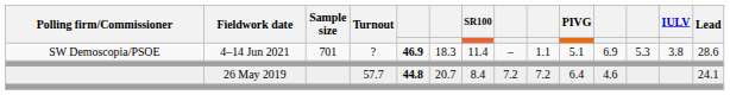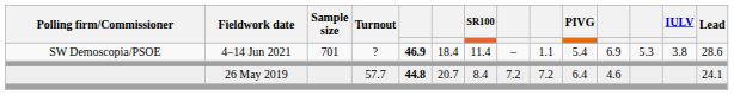 <table class="wikitable collapsible collapsed" style="text-align:center; font-size:95%; line-height:16px;">
 <tr style="height:42px;">
 <th style="width:250px;" rowspan="2">Polling firm/Commissioner</th>
 <th style="width:125px;" rowspan="2">Fieldwork date</th>
 <th style="width:50px;" rowspan="2">Sample size</th>
 <th style="width:45px;" rowspan="2">Turnout</th>
 <th style="width:35px;"></th>
 <th style="width:35px;"></th>
 <th style="width:35px; font-size:85%;">SR100</th>
 <th style="width:35px;"></th>
 <th style="width:35px;"></th>
 <th style="width:35px;">PIVG</th>
 <th style="width:35px;"></th>
 <th style="width:35px;"></th>
 <th style="width:35px;"><a href='#'>IULV</a></th>
 <th style="width:30px;" rowspan="2">Lead</th>
 </tr>
 <tr>
 <th style="color:inherit;background:"></th>
 <th style="color:inherit;background:"></th>
 <th style="color:inherit;background:#EA642F;"></th>
 <th style="color:inherit;background:"></th>
 <th style="color:inherit;background:"></th>
 <th style="color:inherit;background:#EC6A0A;"></th>
 <th style="color:inherit;background:"></th>
 <th style="color:inherit;background:"></th>
 <th style="color:inherit;background:"></th>
 </tr>
 <tr>
 <td>SW Demoscopia/PSOE</td>
 <td>4–14 Jun 2021</td>
 <td>701</td>
 <td>?</td>
 <td><strong>46.9</strong><br></td>
-<td>18.3<br></td>
+<td>18.4<br></td>
 <td>11.4<br></td>
 <td>–</td>
 <td>1.1<br></td>
-<td>5.1<br></td>
+<td>5.4<br></td>
 <td>6.9<br></td>
 <td>5.3<br></td>
 <td>3.8<br></td>
 <td style="background:">28.6</td>
 </tr>
 <tr>
 <td colspan="14" style="background:#A0A0A0"></td>
 </tr>
 <tr style="background:#EFEFEF;">
 <td><strong></strong></td>
 <td>26 May 2019</td>
 <td></td>
 <td>57.7</td>
 <td><strong>44.8</strong><br></td>
 <td>20.7<br></td>
 <td>8.4<br></td>
 <td>7.2<br></td>
 <td>7.2<br></td>
 <td>6.4<br></td>
 <td>4.6<br></td>
 <td></td>
 <td></td>
 <td style="background:">24.1</td>
 </tr>
 <tr>
 <td colspan="14" style="background:#A0A0A0"></td>
 </tr>
 </table>
